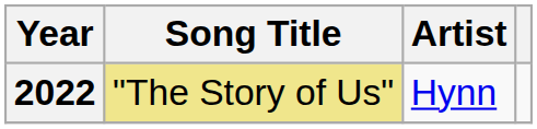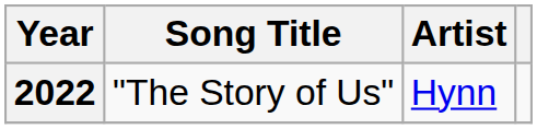 <table class="wikitable  plainrowheaders">
 <tr>
 <th scope="col">Year</th>
 <th scope="col">Song Title</th>
 <th scope="col">Artist</th>
 <th scope="col" class="unsortable"></th>
 </tr>
 <tr>
 <th scope="row">2022</th>
-<td style="background: khaki;">"The Story of Us"</td>
+<td>"The Story of Us"</td>
 <td><a href='#'>Hynn</a></td>
 <td></td>
 </tr>
 <tr>
 </tr>
 </table>
